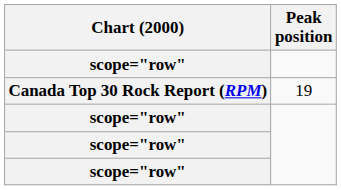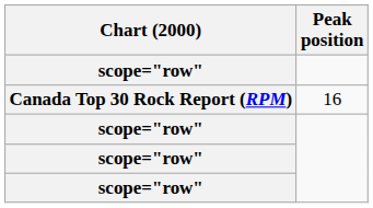 <table class="wikitable sortable plainrowheaders" style="text-align:center;">
 <tr>
 <th scope="col">Chart (2000)</th>
 <th scope="col">Peak<br>position</th>
 </tr>
 <tr>
 <th>scope="row"</th>
 </tr>
 <tr>
 <th scope="row">Canada Top 30 Rock Report (<em><a href='#'>RPM</a></em>)</th>
-<td align="center">19</td>
+<td align="center">16</td>
 </tr>
 <tr>
 <th>scope="row"</th>
 </tr>
 <tr>
 <th>scope="row"</th>
 </tr>
 <tr>
 <th>scope="row"</th>
 </tr>
 </table>
